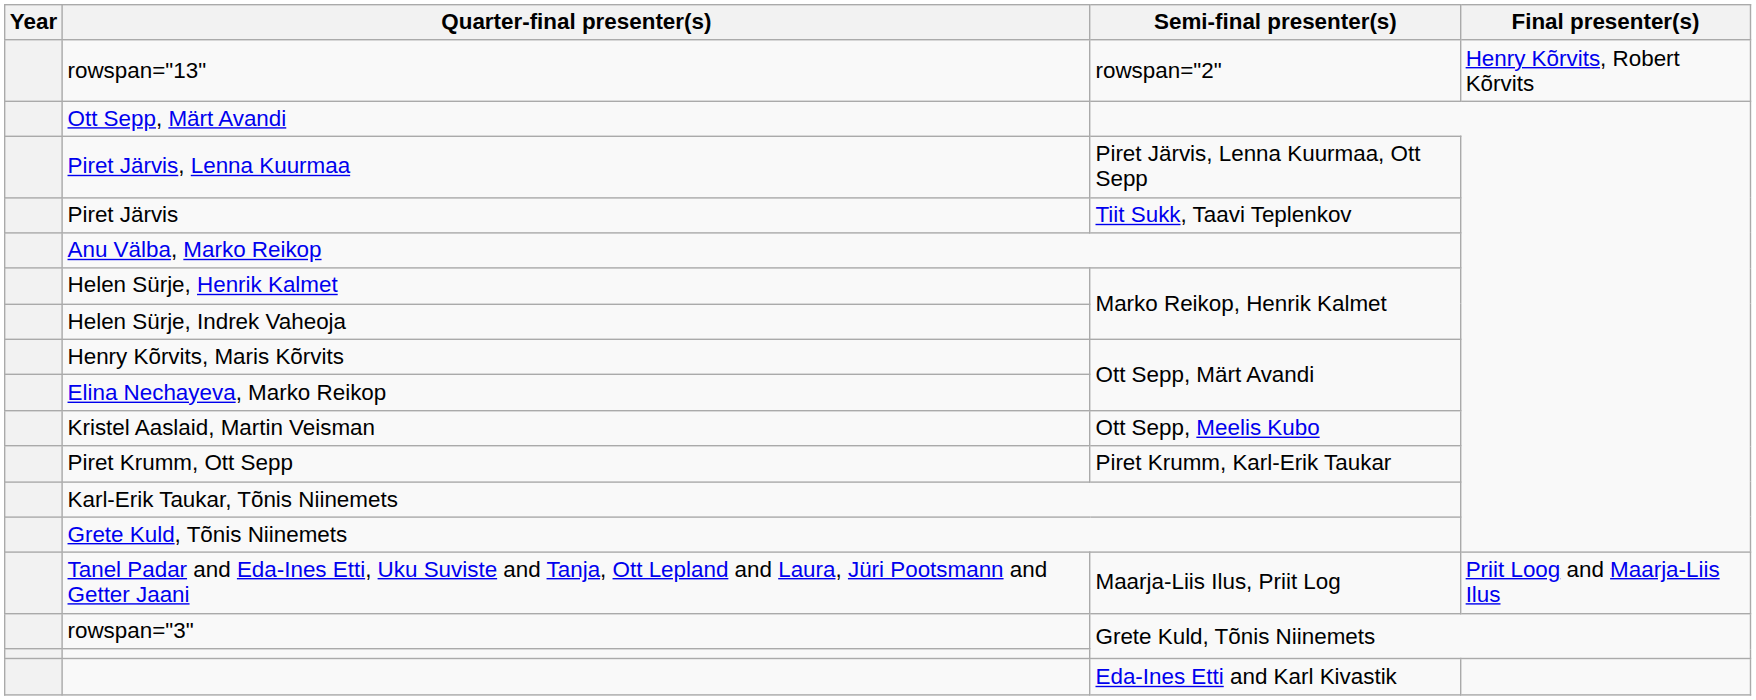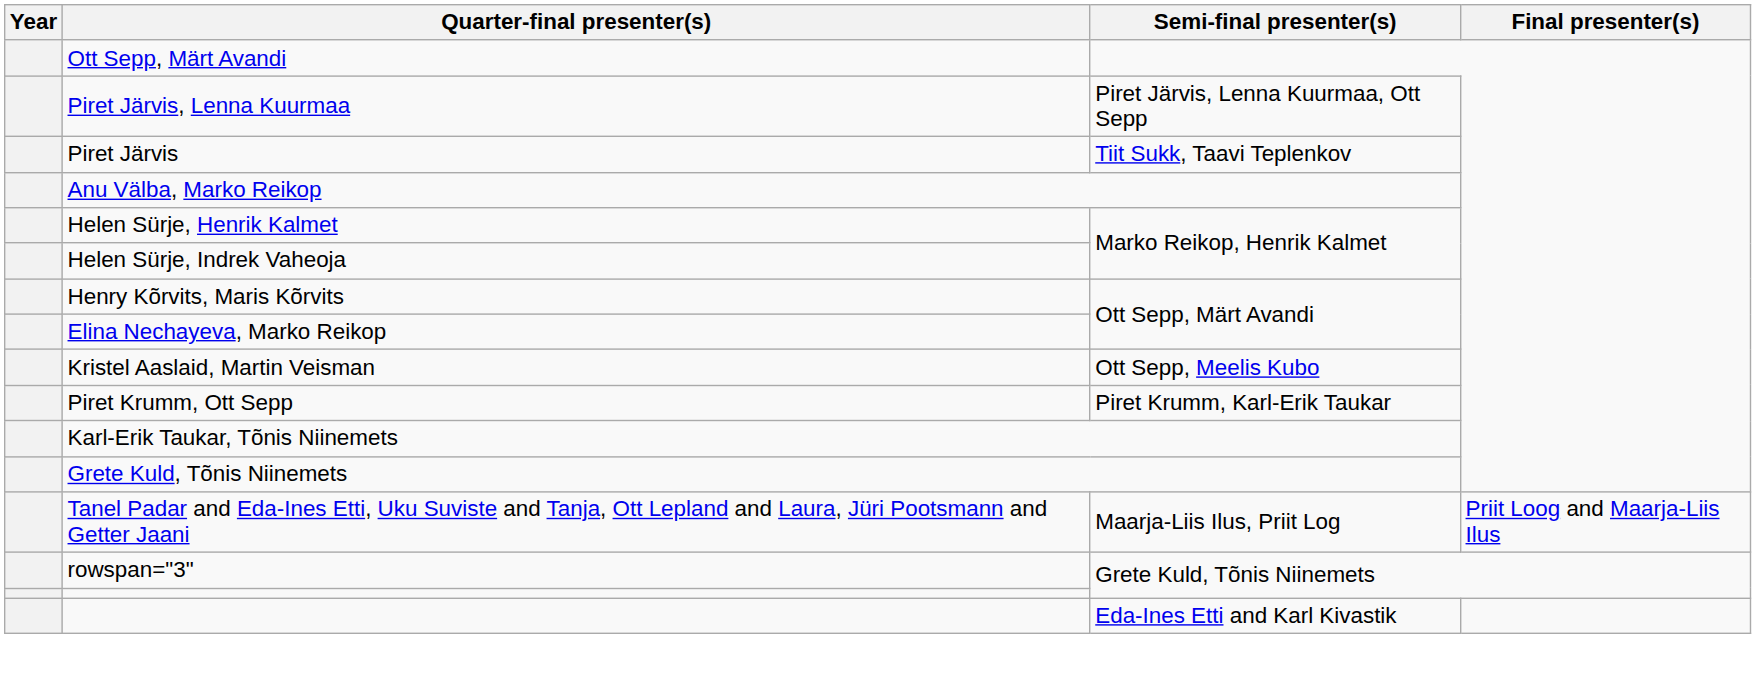 <table class="wikitable plainrowheaders">
 <tr>
 <th>Year</th>
 <th>Quarter-final presenter(s)</th>
 <th>Semi-final presenter(s)</th>
 <th>Final presenter(s)</th>
-</tr>
-<tr>
-<th scope="row"></th>
-<td>rowspan="13" </td>
-<td>rowspan="2" </td>
-<td><a href='#'>Henry Kõrvits</a>, Robert Kõrvits</td>
 </tr>
 <tr>
 <th scope="row"></th>
 <td><a href='#'>Ott Sepp</a>, <a href='#'>Märt Avandi</a></td>
 </tr>
 <tr>
 <th scope="row"></th>
 <td><a href='#'>Piret Järvis</a>, <a href='#'>Lenna Kuurmaa</a></td>
 <td>Piret Järvis, Lenna Kuurmaa, Ott Sepp</td>
 </tr>
 <tr>
 <th scope="row"></th>
 <td>Piret Järvis</td>
 <td><a href='#'>Tiit Sukk</a>, Taavi Teplenkov</td>
 </tr>
 <tr>
 <th scope="row"></th>
 <td colspan="2"><a href='#'>Anu Välba</a>, <a href='#'>Marko Reikop</a></td>
 </tr>
 <tr>
 <th scope="row"></th>
 <td>Helen Sürje, <a href='#'>Henrik Kalmet</a></td>
 <td rowspan="2">Marko Reikop, Henrik Kalmet</td>
 </tr>
 <tr>
 <th scope="row"></th>
 <td>Helen Sürje, Indrek Vaheoja</td>
 </tr>
 <tr>
 <th scope="row"></th>
 <td>Henry Kõrvits, Maris Kõrvits</td>
 <td rowspan="2">Ott Sepp, Märt Avandi</td>
 </tr>
 <tr>
 <th scope="row"></th>
 <td><a href='#'>Elina Nechayeva</a>, Marko Reikop</td>
 </tr>
 <tr>
 <th scope="row"></th>
 <td>Kristel Aaslaid, Martin Veisman</td>
 <td>Ott Sepp, <a href='#'>Meelis Kubo</a></td>
 </tr>
 <tr>
 <th scope="row"></th>
 <td>Piret Krumm, Ott Sepp</td>
 <td>Piret Krumm, Karl-Erik Taukar</td>
 </tr>
 <tr>
 <th scope="row"></th>
 <td colspan="2">Karl-Erik Taukar, Tõnis Niinemets</td>
 </tr>
 <tr>
 <th scope="row"></th>
 <td colspan="2"><a href='#'>Grete Kuld</a>, Tõnis Niinemets</td>
 </tr>
 <tr>
 <th scope="row"></th>
 <td><a href='#'>Tanel Padar</a> and <a href='#'>Eda-Ines Etti</a>, <a href='#'>Uku Suviste</a> and <a href='#'>Tanja</a>, <a href='#'>Ott Lepland</a> and <a href='#'>Laura</a>, <a href='#'>Jüri Pootsmann</a> and <a href='#'>Getter Jaani</a></td>
 <td>Maarja-Liis Ilus, Priit Log</td>
 <td><a href='#'>Priit Loog</a> and <a href='#'>Maarja-Liis Ilus</a></td>
 </tr>
 <tr>
 <th scope="row"></th>
 <td>rowspan="3" </td>
 <td colspan="2" rowspan="2">Grete Kuld, Tõnis Niinemets</td>
 </tr>
 <tr>
 <th scope="row"></th>
 </tr>
 <tr>
 <th scope="row"></th>
 <td></td>
 <td><a href='#'>Eda-Ines Etti</a> and Karl Kivastik</td>
 </tr>
 </table>
